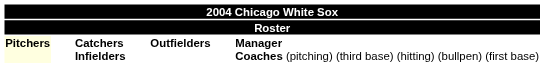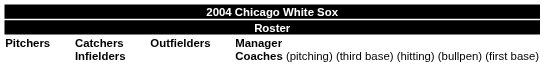 <table class="toccolours" style="font-size: 95%;">
 <tr>
 <th colspan="10" style="background-color: black; color: #FFFFFF; text-align: center;">2004 Chicago White Sox</th>
 </tr>
 <tr>
 <td colspan="10" style="background-color:black; color: white; text-align: center;"><strong>Roster</strong></td>
 </tr>
 <tr>
-<td valign="top" style="background: lightyellow;"><strong>Pitchers</strong><br>                     </td>
+<td valign="top"><strong>Pitchers</strong><br>                     </td>
 <td width="25px"></td>
 <td valign="top"><strong>Catchers</strong><br>    <strong>Infielders</strong>          </td>
 <td width="25px"></td>
 <td valign="top"><strong>Outfielders</strong><br>    </td>
 <td width="25px"></td>
 <td valign="top"><strong>Manager</strong><br> <strong>Coaches</strong>  (pitching)  (third base)  (hitting)  (bullpen)  (first base)</td>
 </tr>
 </table>
